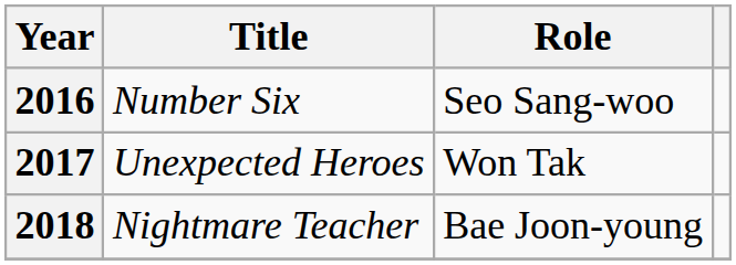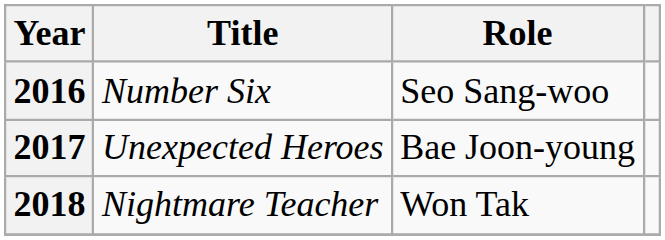 <table class="wikitable sortable plainrowheaders">
 <tr>
 <th scope="col">Year</th>
 <th scope="col">Title</th>
 <th scope="col">Role</th>
 <th scope="col" class="unsortable"></th>
 </tr>
 <tr>
 <th scope="row">2016</th>
 <td><em>Number Six</em></td>
 <td>Seo Sang-woo</td>
 <td align=center></td>
 </tr>
 <tr>
 <th scope="row">2017</th>
 <td><em>Unexpected Heroes</em></td>
-<td>Won Tak</td>
+<td>Bae Joon-young</td>
 <td align=center></td>
 </tr>
 <tr>
 <th scope="row">2018</th>
 <td><em>Nightmare Teacher</em></td>
-<td>Bae Joon-young</td>
+<td>Won Tak</td>
 <td align=center></td>
 </tr>
 <tr>
 </tr>
 </table>
